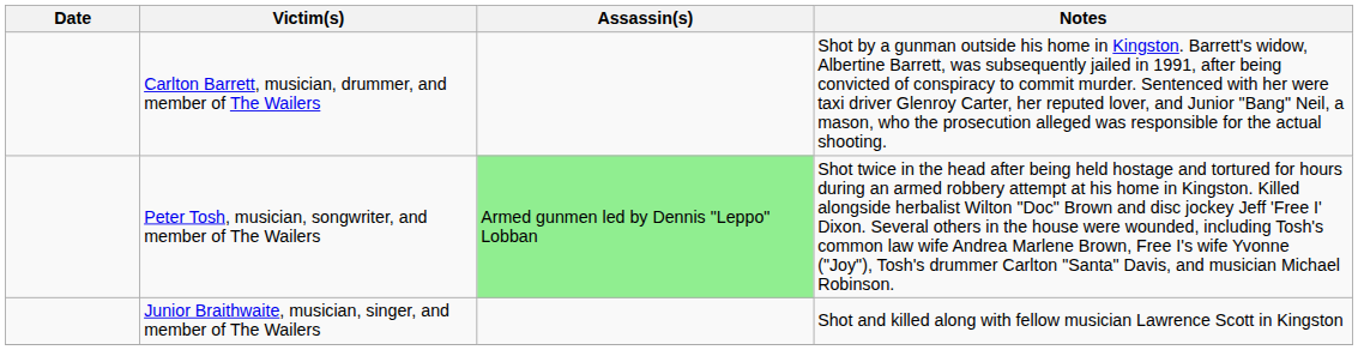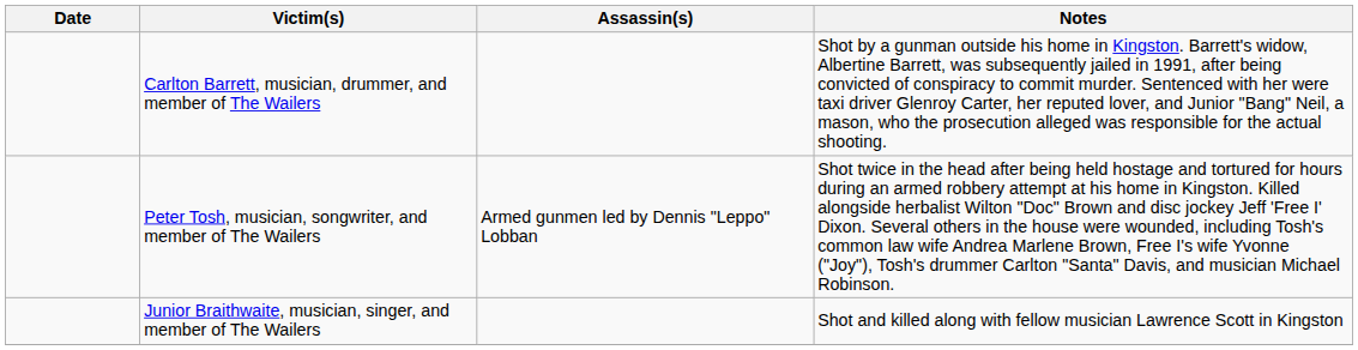 <table class="wikitable sortable" style="width:100%">
 <tr>
 <th style="width:10%">Date</th>
 <th style="width:25%">Victim(s)</th>
 <th style="width:25%">Assassin(s)</th>
 <th style="width:40%">Notes</th>
 </tr>
 <tr>
 <td></td>
 <td><a href='#'>Carlton Barrett</a>, musician, drummer, and member of <a href='#'>The Wailers</a></td>
 <td></td>
 <td>Shot by a gunman outside his home in <a href='#'>Kingston</a>. Barrett's widow, Albertine Barrett, was subsequently jailed in 1991, after being convicted of conspiracy to commit murder. Sentenced with her were taxi driver Glenroy Carter, her reputed lover, and Junior "Bang" Neil, a mason, who the prosecution alleged was responsible for the actual shooting.</td>
 </tr>
 <tr>
 <td></td>
 <td><a href='#'>Peter Tosh</a>, musician, songwriter, and member of The Wailers</td>
-<td style="background: lightgreen;">Armed gunmen led by Dennis "Leppo" Lobban</td>
+<td>Armed gunmen led by Dennis "Leppo" Lobban</td>
 <td>Shot twice in the head after being held hostage and tortured for hours during an armed robbery attempt at his home in Kingston. Killed alongside herbalist Wilton "Doc" Brown and disc jockey Jeff 'Free I' Dixon. Several others in the house were wounded, including Tosh's common law wife Andrea Marlene Brown, Free I's wife Yvonne ("Joy"), Tosh's drummer Carlton "Santa" Davis, and musician Michael Robinson.</td>
 </tr>
 <tr>
 <td></td>
 <td><a href='#'>Junior Braithwaite</a>, musician, singer, and member of The Wailers</td>
 <td></td>
 <td>Shot and killed along with fellow musician Lawrence Scott in Kingston</td>
 </tr>
 <tr>
 </tr>
 </table>
